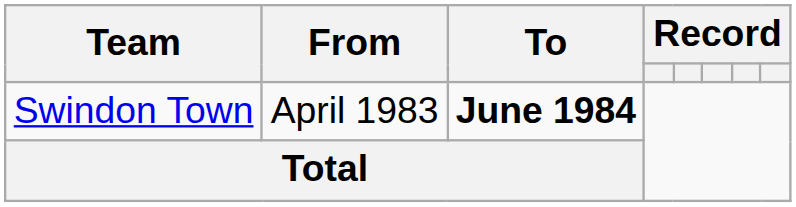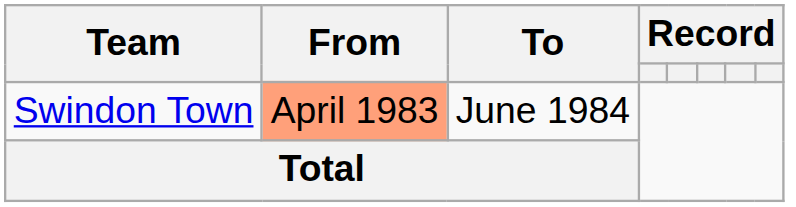 <table class=wikitable style="text-align: center">
 <tr>
 <th rowspan=2>Team</th>
 <th rowspan=2>From</th>
 <th rowspan=2>To</th>
 <th colspan=5>Record</th>
 </tr>
 <tr>
 <th></th>
 <th></th>
 <th></th>
 <th></th>
 <th></th>
 </tr>
 <tr>
 <td align=left><a href='#'>Swindon Town</a></td>
-<td align=left>April 1983</td>
-<td align=left><strong>June 1984<br></strong></td>
+<td align=left style="background: lightsalmon;">April 1983</td>
+<td align=left>June 1984<br></td>
 </tr>
 <tr>
 <th colspan=3>Total<br></th>
 </tr>
 </table>
